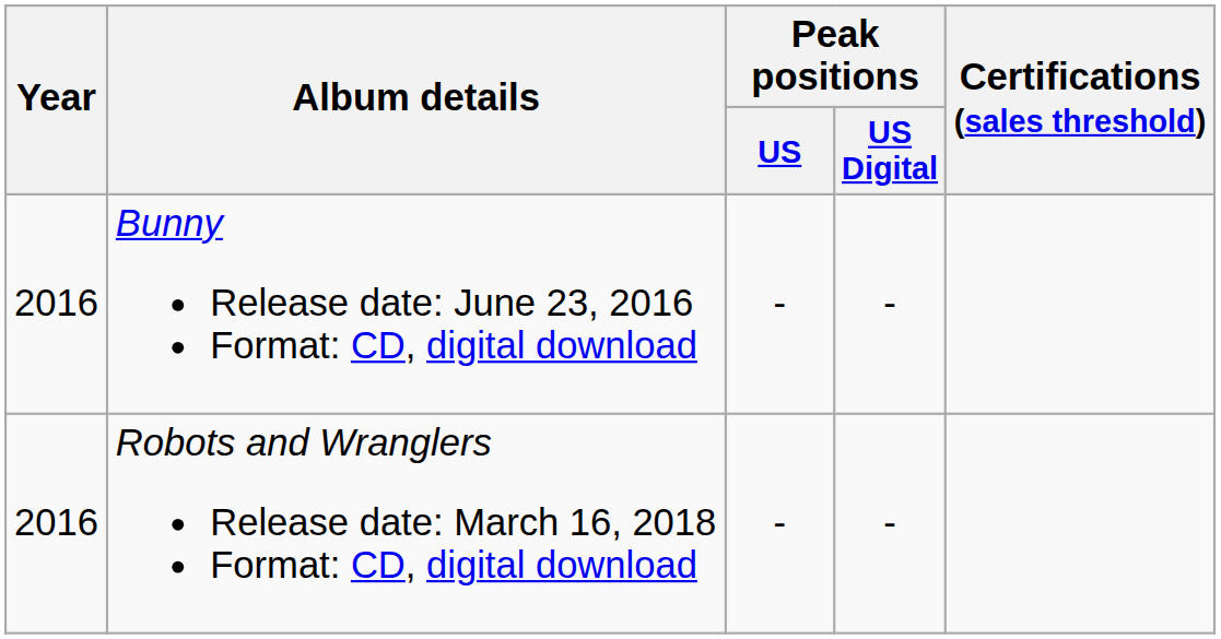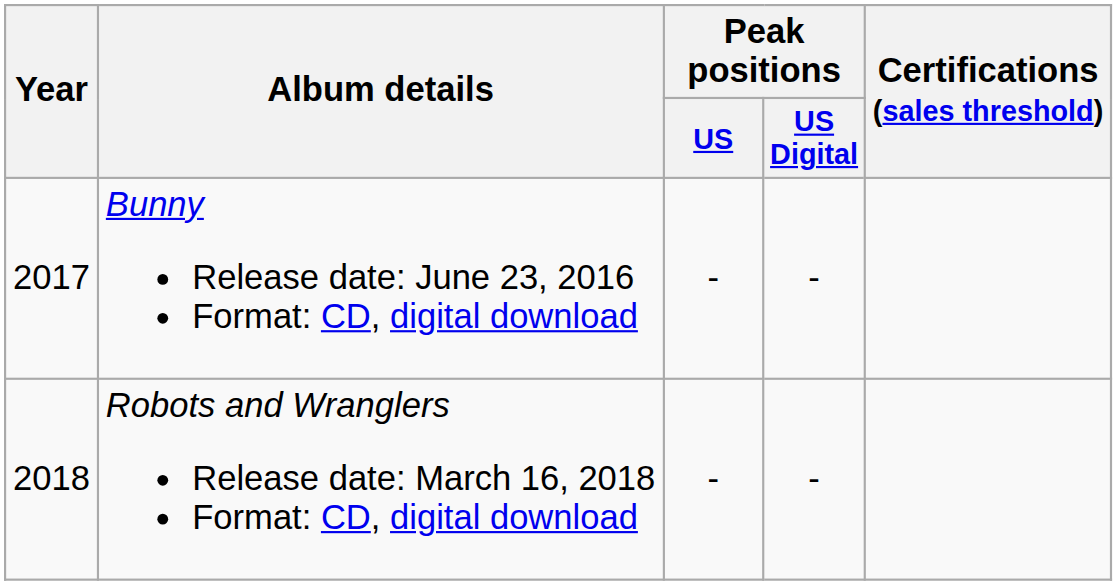 <table class="wikitable" style="text-align:center;">
 <tr>
 <th rowspan="2">Year</th>
 <th rowspan="2">Album details</th>
 <th colspan="2">Peak positions</th>
 <th rowspan="2">Certifications<br><small>(<a href='#'>sales threshold</a>)</small></th>
 </tr>
 <tr style="font-size:smaller;">
 <th style="width:40px;"><a href='#'>US</a></th>
 <th style="width:40px;"><a href='#'>US<br>Digital</a></th>
 </tr>
 <tr>
-<td>2016</td>
+<td>2017</td>
 <td style="text-align:left;"><em><a href='#'>Bunny</a></em><br><ul><li>Release date: June 23, 2016</li><li>Format: <a href='#'>CD</a>, <a href='#'>digital download</a></li></ul></td>
 <td>-</td>
 <td>-</td>
 <td style="text-align:left;"></td>
 </tr>
 <tr>
-<td>2016</td>
+<td>2018</td>
 <td style="text-align:left;"><em>Robots and Wranglers</em><br><ul><li>Release date: March 16, 2018</li><li>Format: <a href='#'>CD</a>, <a href='#'>digital download</a></li></ul></td>
 <td>-</td>
 <td>-</td>
 <td style="text-align:left;"></td>
 </tr>
 </table>
